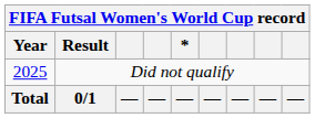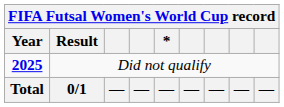 <table class="wikitable" style="text-align: center;">
 <tr>
 <th colspan="9"><a href='#'>FIFA Futsal Women's World Cup</a> record</th>
 </tr>
 <tr>
 <th>Year</th>
 <th>Result</th>
 <th></th>
 <th></th>
 <th>*</th>
 <th></th>
 <th></th>
 <th></th>
 <th></th>
 </tr>
 <tr>
-<td> <a href='#'>2025</a></td>
+<td><strong> <a href='#'>2025</a></strong></td>
 <td colspan="8"><em>Did not qualify</em></td>
 </tr>
 <tr>
 <th>Total</th>
 <th>0/1</th>
 <th>—</th>
 <th>—</th>
 <th>—</th>
 <th>—</th>
 <th>—</th>
 <th>—</th>
 <th>—</th>
 </tr>
 </table>
